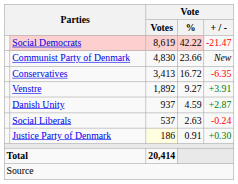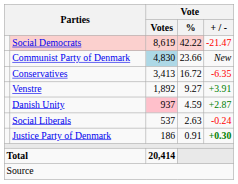 <table class="wikitable" style="text-align:right;">
 <tr>
 <th style="text-align:centre;" rowspan="2" colspan="2" width="225">Parties</th>
 <th colspan="3">Vote</th>
 </tr>
 <tr>
 <th width="15">Votes</th>
 <th width="15">%</th>
 <th width="15">+ / -</th>
 </tr>
 <tr>
 <td width="2" style="color:inherit;background:"></td>
 <td bgcolor=#fbd0ce  align="left"><a href='#'>Social Democrats</a></td>
 <td bgcolor=#fbd0ce>8,619</td>
 <td bgcolor=#fbd0ce>42.22</td>
 <td style=color:red;>-21.47</td>
 </tr>
 <tr>
 <td width="2" style="color:inherit;background:"></td>
 <td align="left"><a href='#'>Communist Party of Denmark</a></td>
-<td>4,830</td>
+<td style="background: lightblue;">4,830</td>
 <td>23.66</td>
 <td><em>New</em></td>
 </tr>
 <tr>
 <td width="2" style="color:inherit;background:"></td>
 <td align="left"><a href='#'>Conservatives</a></td>
 <td>3,413</td>
 <td>16.72</td>
 <td style=color:red;>-6.35</td>
 </tr>
 <tr>
 <td width="2" style="color:inherit;background:"></td>
 <td align="left"><a href='#'>Venstre</a></td>
 <td>1,892</td>
 <td>9.27</td>
 <td style=color:green;>+3.91</td>
 </tr>
 <tr>
 <td width="2" style="color:inherit;background:"></td>
 <td align="left"><a href='#'>Danish Unity</a></td>
-<td>937</td>
+<td style="background: pink;">937</td>
 <td>4.59</td>
 <td style=color:green;>+2.87</td>
 </tr>
 <tr>
 <td width="2" style="color:inherit;background:"></td>
 <td align="left"><a href='#'>Social Liberals</a></td>
 <td>537</td>
 <td>2.63</td>
 <td style=color:red;>-0.24</td>
 </tr>
 <tr>
 <td width="2" style="color:inherit;background:"></td>
 <td align="left"><a href='#'>Justice Party of Denmark</a></td>
-<td style="background: lightyellow;">186</td>
+<td>186</td>
 <td>0.91</td>
-<td style=color:green;>+0.30</td>
+<td style=color:green;><strong>+0.30</strong></td>
 </tr>
 <tr>
 <td colspan="7" bgcolor="#E9E9E9"></td>
 </tr>
 <tr>
 <td align="left" colspan="2"><strong>Total</strong></td>
 <td><strong>20,414</strong></td>
 <td bgcolor="#E9E9E9" colspan="2"></td>
 </tr>
 <tr>
 <td align="left" colspan="6">Source</td>
 </tr>
 </table>
